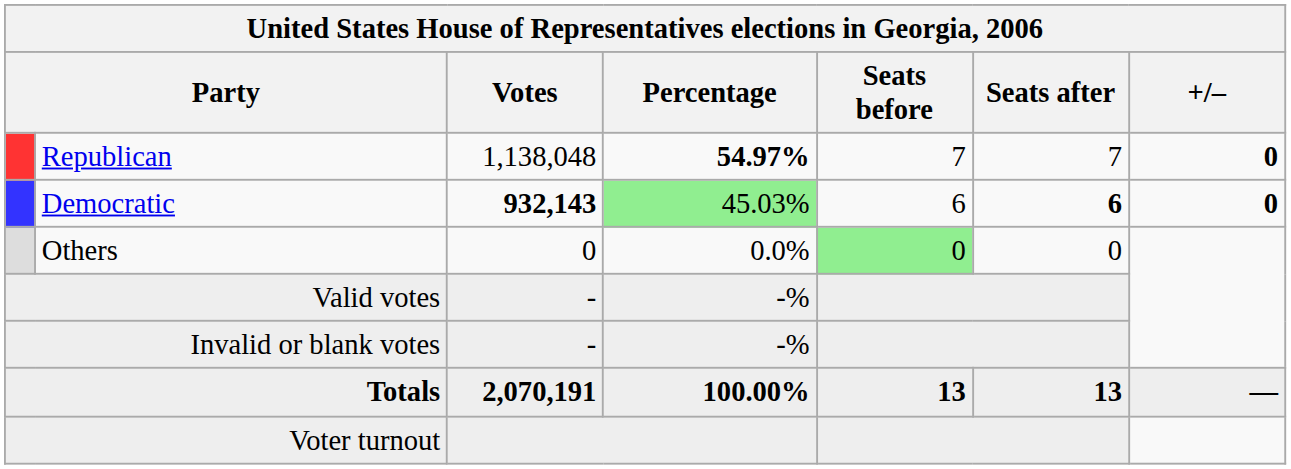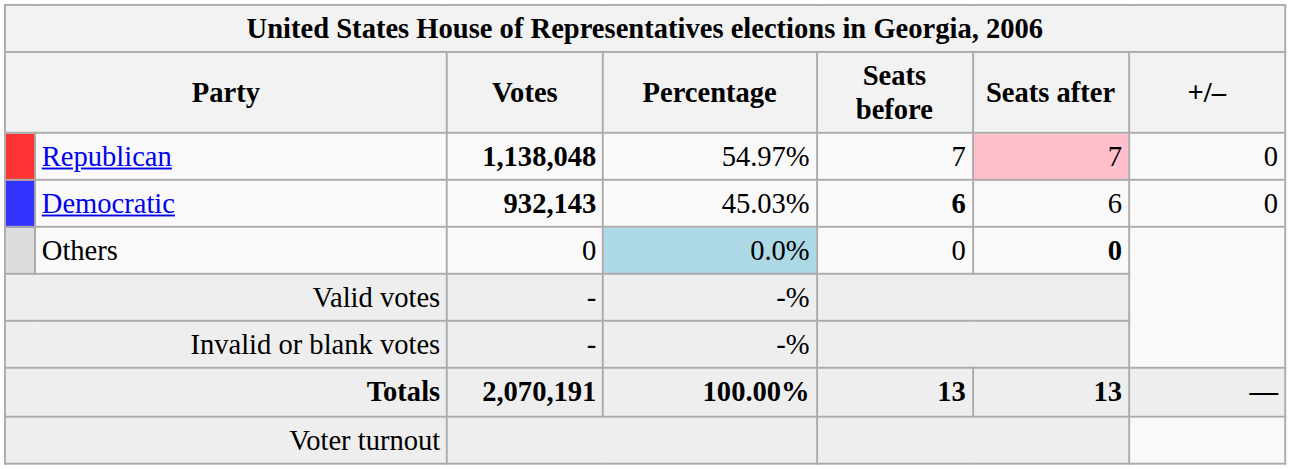 <table class="wikitable" style="font-size: 95%;">
 <tr>
 <th colspan="7">United States House of Representatives elections in Georgia, 2006</th>
 </tr>
 <tr>
 <th colspan=2 style="width: 15em">Party</th>
 <th style="width: 5em">Votes</th>
 <th style="width: 7em">Percentage</th>
 <th style="width: 5em">Seats before</th>
 <th style="width: 5em">Seats after</th>
 <th style="width: 5em">+/–</th>
 </tr>
 <tr>
 <th style="background-color:#FF3333; width: 3px"></th>
 <td style="width: 130px"><a href='#'>Republican</a></td>
-<td align="right">1,138,048</td>
-<td align="right"><strong>54.97%</strong></td>
+<td align="right"><strong>1,138,048</strong></td>
+<td align="right">54.97%</td>
 <td align="right">7</td>
-<td align="right">7</td>
-<td align="right"><strong>0</strong></td>
+<td align="right" style="background: pink;">7</td>
+<td align="right">0</td>
 </tr>
 <tr>
 <th style="background-color:#3333FF; width: 3px"></th>
 <td style="width: 130px"><a href='#'>Democratic</a></td>
 <td align="right"><strong>932,143</strong></td>
-<td align="right" style="background: lightgreen;">45.03%</td>
+<td align="right">45.03%</td>
+<td align="right"><strong>6</strong></td>
 <td align="right">6</td>
-<td align="right"><strong>6</strong></td>
-<td align="right"><strong>0</strong></td>
+<td align="right">0</td>
 </tr>
 <tr>
 <th style="background-color:#DDDDDD; width: 3px"></th>
 <td style="width: 130px">Others</td>
 <td align="right">0</td>
-<td align="right">0.0%</td>
-<td align="right" style="background: lightgreen;">0</td>
+<td align="right" style="background: lightblue;">0.0%</td>
 <td align="right">0</td>
+<td align="right"><strong>0</strong></td>
 </tr>
 <tr bgcolor="#EEEEEE">
 <td colspan="2" align="right">Valid votes</td>
 <td align="right">-</td>
 <td align="right">-%</td>
 <td colspan="2" align="right"></td>
 </tr>
 <tr bgcolor="#EEEEEE">
 <td colspan="2" align="right">Invalid or blank votes</td>
 <td align="right">-</td>
 <td align="right">-%</td>
 <td colspan="2" align="right"></td>
 </tr>
 <tr bgcolor="#EEEEEE">
 <td colspan="2" align="right"><strong>Totals</strong></td>
 <td align="right"><strong>2,070,191</strong></td>
 <td align="right"><strong>100.00%</strong></td>
 <td align="right"><strong>13</strong></td>
 <td align="right"><strong>13</strong></td>
 <td align="right"><strong>—</strong></td>
 </tr>
 <tr bgcolor="#EEEEEE">
 <td colspan="2" align="right">Voter turnout</td>
 <td colspan="2" align="right"></td>
 <td colspan="2" align="right"></td>
 </tr>
 </table>
